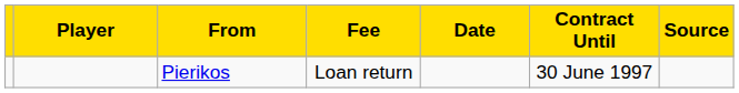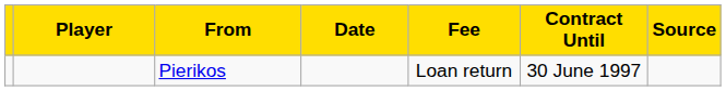 <table class="wikitable sortable">
 <tr>
 <th style="background:#FFDE00"></th>
 <th width=200 style="background:#FFDE00">Player</th>
 <th width=200 style="background:#FFDE00">From</th>
+<th width=150 style="background:#FFDE00">Date</th>
 <th width=150 style="background:#FFDE00">Fee</th>
-<th width=150 style="background:#FFDE00">Date</th>
 <th width=150 style="background:#FFDE00">Contract Until</th>
 <th style="background:#FFDE00">Source</th>
 </tr>
 <tr>
 <td align=center></td>
 <td></td>
 <td> <a href='#'>Pierikos</a></td>
+<td align=center></td>
 <td align=center>Loan return</td>
-<td align=center></td>
 <td align=center>30 June 1997</td>
 <td align=center></td>
 </tr>
 </table>
